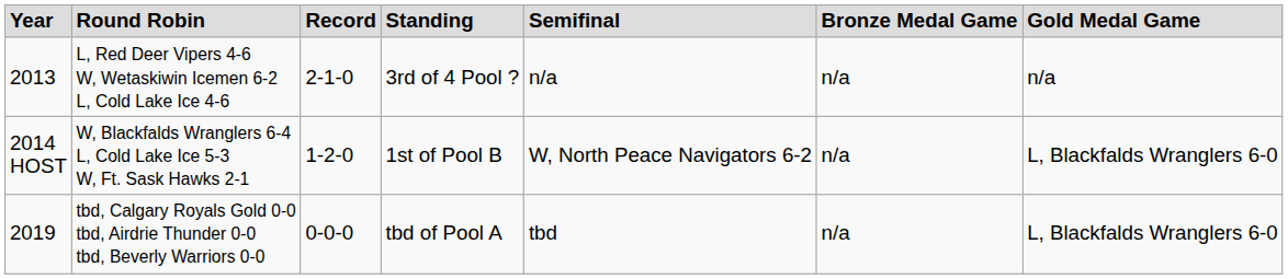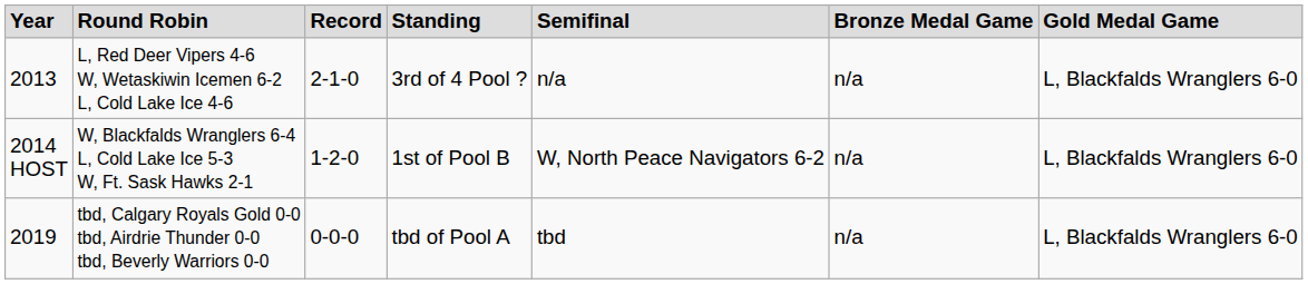 <table class="wikitable">
 <tr style="font-weight:bold; background-color:#dddddd;" |>
 <td>Year</td>
 <td>Round Robin</td>
 <td>Record</td>
 <td>Standing</td>
 <td>Semifinal</td>
 <td>Bronze Medal Game</td>
 <td>Gold Medal Game</td>
 </tr>
 <tr>
 <td>2013</td>
 <td><small> L, Red Deer Vipers 4-6<br>W, Wetaskiwin Icemen 6-2<br>L, Cold Lake Ice 4-6</small></td>
 <td>2-1-0</td>
 <td>3rd of 4 Pool ?</td>
 <td>n/a</td>
 <td>n/a</td>
-<td>n/a</td>
+<td>L, Blackfalds Wranglers 6-0</td>
 </tr>
 <tr>
 <td>2014<br>HOST</td>
 <td><small> W, Blackfalds Wranglers 6-4<br>L, Cold Lake Ice 5-3<br>W, Ft. Sask Hawks 2-1</small></td>
 <td>1-2-0</td>
 <td>1st of Pool B</td>
 <td>W, North Peace Navigators 6-2</td>
 <td>n/a</td>
 <td>L, Blackfalds Wranglers 6-0</td>
 </tr>
 <tr>
 <td>2019</td>
 <td><small> tbd, Calgary Royals Gold 0-0<br>tbd, Airdrie Thunder 0-0<br>tbd, Beverly Warriors 0-0</small></td>
 <td>0-0-0</td>
 <td>tbd of Pool A</td>
 <td>tbd</td>
 <td>n/a</td>
 <td>L, Blackfalds Wranglers 6-0</td>
 </tr>
 </table>
